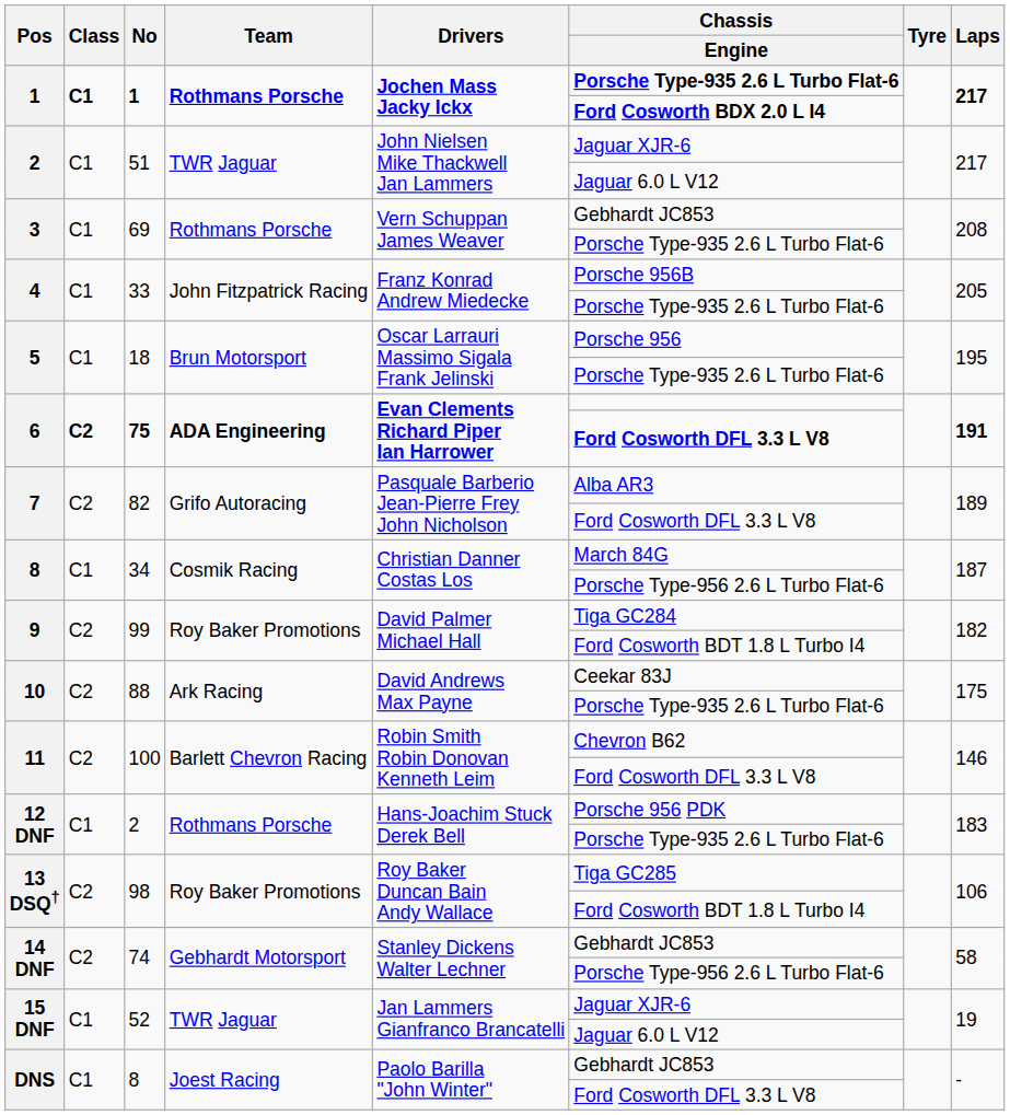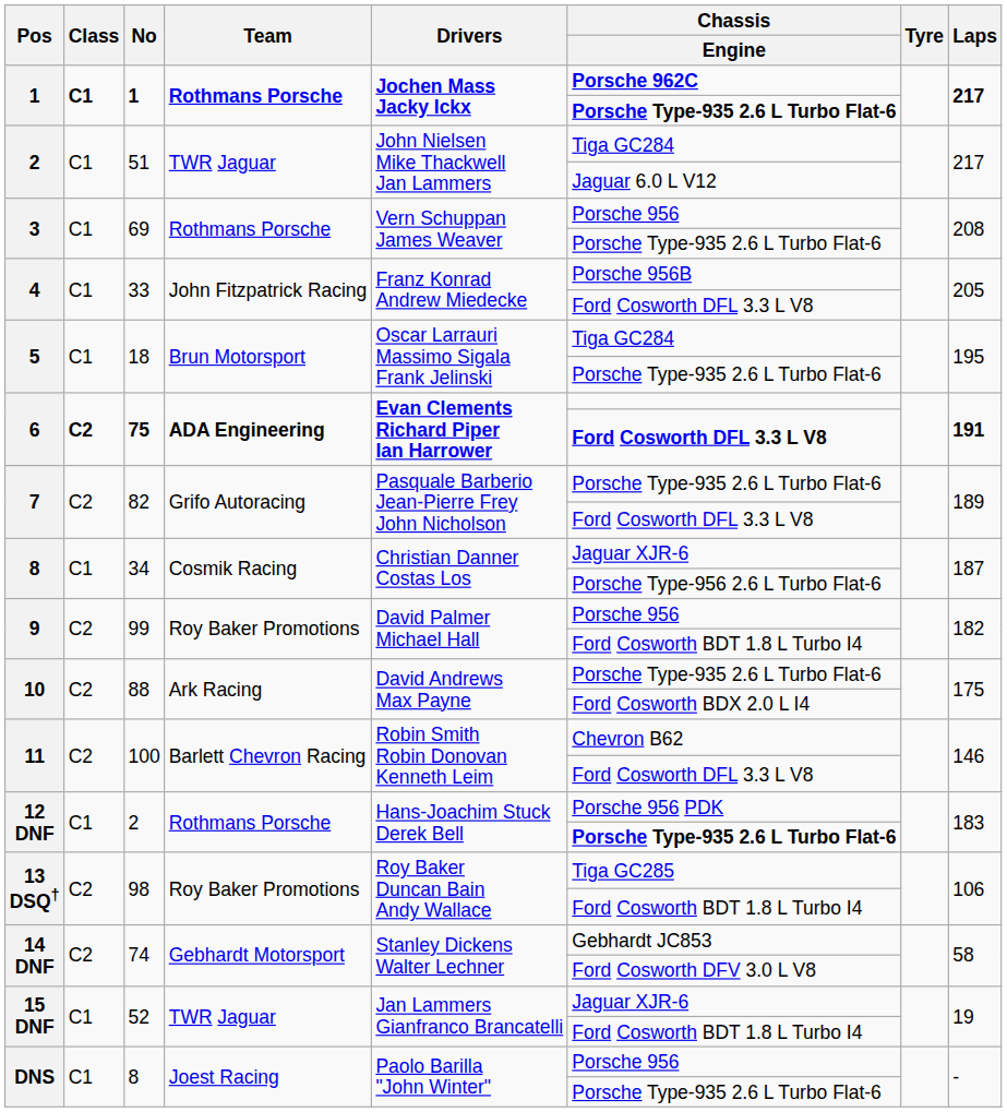 <table class="wikitable" style="font-size: 95%;">
 <tr>
 <th rowspan=2>Pos</th>
 <th rowspan=2>Class</th>
 <th rowspan=2>No</th>
 <th rowspan=2>Team</th>
 <th rowspan=2>Drivers</th>
 <th>Chassis</th>
 <th rowspan=2>Tyre</th>
 <th rowspan=2>Laps</th>
 </tr>
 <tr>
 <th>Engine</th>
 </tr>
 <tr style="font-weight:bold">
 <th rowspan=2>1</th>
 <td rowspan=2>C1</td>
 <td rowspan=2>1</td>
 <td rowspan=2> <a href='#'>Rothmans Porsche</a></td>
 <td rowspan=2> <a href='#'>Jochen Mass</a><br> <a href='#'>Jacky Ickx</a></td>
-<td><a href='#'>Porsche</a> Type-935 2.6 L Turbo Flat-6</td>
+<td><a href='#'>Porsche 962C</a></td>
 <td rowspan=2></td>
 <td rowspan=2>217</td>
 </tr>
 <tr style="font-weight:bold">
-<td><a href='#'>Ford</a> <a href='#'>Cosworth</a> BDX 2.0 L I4</td>
+<td><a href='#'>Porsche</a> Type-935 2.6 L Turbo Flat-6</td>
 </tr>
 <tr>
 <th rowspan=2>2</th>
 <td rowspan=2>C1</td>
 <td rowspan=2>51</td>
 <td rowspan=2> <a href='#'>TWR</a> <a href='#'>Jaguar</a></td>
 <td rowspan=2> <a href='#'>John Nielsen</a><br> <a href='#'>Mike Thackwell</a><br> <a href='#'>Jan Lammers</a></td>
-<td><a href='#'>Jaguar XJR-6</a></td>
+<td><a href='#'>Tiga GC284</a></td>
 <td rowspan=2></td>
 <td rowspan=2>217</td>
 </tr>
 <tr>
 <td><a href='#'>Jaguar</a> 6.0 L V12</td>
 </tr>
 <tr>
 <th rowspan=2>3</th>
 <td rowspan=2>C1</td>
 <td rowspan=2>69</td>
 <td rowspan=2> <a href='#'>Rothmans Porsche</a></td>
 <td rowspan=2> <a href='#'>Vern Schuppan</a><br> <a href='#'>James Weaver</a></td>
-<td>Gebhardt JC853</td>
+<td><a href='#'>Porsche 956</a></td>
 <td rowspan=2></td>
 <td rowspan=2>208</td>
 </tr>
 <tr>
 <td><a href='#'>Porsche</a> Type-935 2.6 L Turbo Flat-6</td>
 </tr>
 <tr>
 <th rowspan=2>4</th>
 <td rowspan=2>C1</td>
 <td rowspan=2>33</td>
 <td rowspan=2> John Fitzpatrick Racing</td>
 <td rowspan=2> <a href='#'>Franz Konrad</a><br> <a href='#'>Andrew Miedecke</a></td>
 <td><a href='#'>Porsche 956B</a></td>
 <td rowspan=2></td>
 <td rowspan=2>205</td>
 </tr>
 <tr>
-<td><a href='#'>Porsche</a> Type-935 2.6 L Turbo Flat-6</td>
+<td><a href='#'>Ford</a> <a href='#'>Cosworth DFL</a> 3.3 L V8</td>
 </tr>
 <tr>
 <th rowspan=2>5</th>
 <td rowspan=2>C1</td>
 <td rowspan=2>18</td>
 <td rowspan=2> <a href='#'>Brun Motorsport</a></td>
 <td rowspan=2> <a href='#'>Oscar Larrauri</a><br> <a href='#'>Massimo Sigala</a><br> <a href='#'>Frank Jelinski</a></td>
-<td><a href='#'>Porsche 956</a></td>
+<td><a href='#'>Tiga GC284</a></td>
 <td rowspan=2></td>
 <td rowspan=2>195</td>
 </tr>
 <tr>
 <td><a href='#'>Porsche</a> Type-935 2.6 L Turbo Flat-6</td>
 </tr>
 <tr style="font-weight:bold">
 <th rowspan=2>6</th>
 <td rowspan=2>C2</td>
 <td rowspan=2>75</td>
 <td rowspan=2> ADA Engineering</td>
 <td rowspan=2> <a href='#'>Evan Clements</a><br> <a href='#'>Richard Piper</a><br> <a href='#'>Ian Harrower</a></td>
 <td></td>
 <td rowspan=2></td>
 <td rowspan=2>191</td>
 </tr>
 <tr style="font-weight:bold">
 <td><a href='#'>Ford</a> <a href='#'>Cosworth DFL</a> 3.3 L V8</td>
 </tr>
 <tr>
 <th rowspan=2>7</th>
 <td rowspan=2>C2</td>
 <td rowspan=2>82</td>
 <td rowspan=2> Grifo Autoracing</td>
 <td rowspan=2> <a href='#'>Pasquale Barberio</a><br> <a href='#'>Jean-Pierre Frey</a><br> <a href='#'>John Nicholson</a></td>
-<td><a href='#'>Alba AR3</a></td>
+<td><a href='#'>Porsche</a> Type-935 2.6 L Turbo Flat-6</td>
 <td rowspan=2></td>
 <td rowspan=2>189</td>
 </tr>
 <tr>
 <td><a href='#'>Ford</a> <a href='#'>Cosworth DFL</a> 3.3 L V8</td>
 </tr>
 <tr>
 <th rowspan=2>8</th>
 <td rowspan=2>C1</td>
 <td rowspan=2>34</td>
 <td rowspan=2> Cosmik Racing</td>
 <td rowspan=2> <a href='#'>Christian Danner</a><br> <a href='#'>Costas Los</a></td>
-<td><a href='#'>March 84G</a></td>
+<td><a href='#'>Jaguar XJR-6</a></td>
 <td rowspan=2></td>
 <td rowspan=2>187</td>
 </tr>
 <tr>
 <td><a href='#'>Porsche</a> Type-956 2.6 L Turbo Flat-6</td>
 </tr>
 <tr>
 <th rowspan=2>9</th>
 <td rowspan=2>C2</td>
 <td rowspan=2>99</td>
 <td rowspan=2> Roy Baker Promotions</td>
 <td rowspan=2> <a href='#'>David Palmer</a><br> <a href='#'>Michael Hall</a></td>
-<td><a href='#'>Tiga GC284</a></td>
+<td><a href='#'>Porsche 956</a></td>
 <td rowspan=2></td>
 <td rowspan=2>182</td>
 </tr>
 <tr>
 <td><a href='#'>Ford</a> <a href='#'>Cosworth</a> BDT 1.8 L Turbo I4</td>
 </tr>
 <tr>
 <th rowspan=2>10</th>
 <td rowspan=2>C2</td>
 <td rowspan=2>88</td>
 <td rowspan=2> Ark Racing</td>
 <td rowspan=2> <a href='#'>David Andrews</a><br> <a href='#'>Max Payne</a></td>
-<td>Ceekar 83J</td>
+<td><a href='#'>Porsche</a> Type-935 2.6 L Turbo Flat-6</td>
 <td rowspan=2></td>
 <td rowspan=2>175</td>
 </tr>
 <tr>
-<td><a href='#'>Porsche</a> Type-935 2.6 L Turbo Flat-6</td>
+<td><a href='#'>Ford</a> <a href='#'>Cosworth</a> BDX 2.0 L I4</td>
 </tr>
 <tr>
 <th rowspan=2>11</th>
 <td rowspan=2>C2</td>
 <td rowspan=2>100</td>
 <td rowspan=2> Barlett <a href='#'>Chevron</a> Racing</td>
 <td rowspan=2> <a href='#'>Robin Smith</a><br> <a href='#'>Robin Donovan</a><br> <a href='#'>Kenneth Leim</a></td>
 <td><a href='#'>Chevron</a> B62</td>
 <td rowspan=2></td>
 <td rowspan=2>146</td>
 </tr>
 <tr>
 <td><a href='#'>Ford</a> <a href='#'>Cosworth DFL</a> 3.3 L V8</td>
 </tr>
 <tr>
 <th rowspan=2>12<br>DNF</th>
 <td rowspan=2>C1</td>
 <td rowspan=2>2</td>
 <td rowspan=2> <a href='#'>Rothmans Porsche</a></td>
 <td rowspan=2> <a href='#'>Hans-Joachim Stuck</a><br> <a href='#'>Derek Bell</a></td>
 <td><a href='#'>Porsche 956</a> <a href='#'>PDK</a></td>
 <td rowspan=2></td>
 <td rowspan=2>183</td>
 </tr>
 <tr>
-<td><a href='#'>Porsche</a> Type-935 2.6 L Turbo Flat-6</td>
+<td><strong><a href='#'>Porsche</a> Type-935 2.6 L Turbo Flat-6</strong></td>
 </tr>
 <tr>
 <th rowspan=2>13<br>DSQ<sup>†</sup></th>
 <td rowspan=2>C2</td>
 <td rowspan=2>98</td>
 <td rowspan=2> Roy Baker Promotions</td>
 <td rowspan=2> <a href='#'>Roy Baker</a><br> <a href='#'>Duncan Bain</a><br> <a href='#'>Andy Wallace</a></td>
 <td><a href='#'>Tiga GC285</a></td>
 <td rowspan=2></td>
 <td rowspan=2>106</td>
 </tr>
 <tr>
 <td><a href='#'>Ford</a> <a href='#'>Cosworth</a> BDT 1.8 L Turbo I4</td>
 </tr>
 <tr>
 <th rowspan=2>14<br>DNF</th>
 <td rowspan=2>C2</td>
 <td rowspan=2>74</td>
 <td rowspan=2> <a href='#'>Gebhardt Motorsport</a></td>
 <td rowspan=2> <a href='#'>Stanley Dickens</a><br> <a href='#'>Walter Lechner</a></td>
 <td>Gebhardt JC853</td>
 <td rowspan=2></td>
 <td rowspan=2>58</td>
 </tr>
 <tr>
-<td><a href='#'>Porsche</a> Type-956 2.6 L Turbo Flat-6</td>
+<td><a href='#'>Ford</a> <a href='#'>Cosworth DFV</a> 3.0 L V8</td>
 </tr>
 <tr>
 <th rowspan=2>15<br>DNF</th>
 <td rowspan=2>C1</td>
 <td rowspan=2>52</td>
 <td rowspan=2> <a href='#'>TWR</a> <a href='#'>Jaguar</a></td>
 <td rowspan=2> <a href='#'>Jan Lammers</a><br> <a href='#'>Gianfranco Brancatelli</a></td>
 <td><a href='#'>Jaguar XJR-6</a></td>
 <td rowspan=2></td>
 <td rowspan=2>19</td>
 </tr>
 <tr>
-<td><a href='#'>Jaguar</a> 6.0 L V12</td>
+<td><a href='#'>Ford</a> <a href='#'>Cosworth</a> BDT 1.8 L Turbo I4</td>
 </tr>
 <tr>
 <th rowspan=2>DNS</th>
 <td rowspan=2>C1</td>
 <td rowspan=2>8</td>
 <td rowspan=2> <a href='#'>Joest Racing</a></td>
 <td rowspan=2> <a href='#'>Paolo Barilla</a><br> <a href='#'>"John Winter"</a></td>
-<td>Gebhardt JC853</td>
+<td><a href='#'>Porsche 956</a></td>
 <td rowspan=2></td>
 <td rowspan=2>-</td>
 </tr>
 <tr>
-<td><a href='#'>Ford</a> <a href='#'>Cosworth DFL</a> 3.3 L V8</td>
+<td><a href='#'>Porsche</a> Type-935 2.6 L Turbo Flat-6</td>
 </tr>
 </table>
